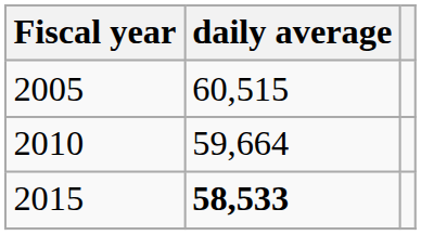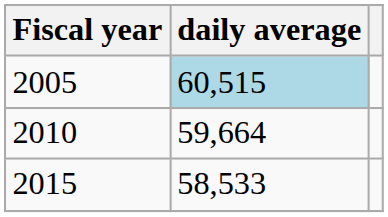 <table class="wikitable">
 <tr>
 <th>Fiscal year</th>
 <th>daily average</th>
 <th></th>
 </tr>
 <tr>
 <td>2005</td>
-<td>60,515</td>
+<td style="background: lightblue;">60,515</td>
 <td></td>
 </tr>
 <tr>
 <td>2010</td>
 <td>59,664</td>
 <td></td>
 </tr>
 <tr>
 <td>2015</td>
-<td><strong>58,533</strong></td>
+<td>58,533</td>
 <td></td>
 </tr>
 <tr>
 </tr>
 </table>
